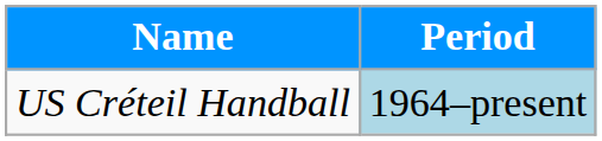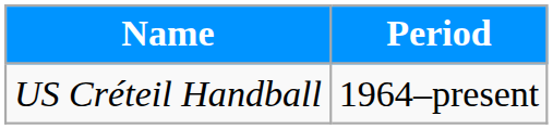 <table class="wikitable" style="text-align: left">
 <tr>
 <th style="color:white; background:#0094FF">Name</th>
 <th style="color:white; background:#0094FF">Period</th>
 </tr>
 <tr>
 <td align=left><em>US Créteil Handball</em></td>
-<td style="background: lightblue;">1964–present</td>
+<td>1964–present</td>
 </tr>
 </table>
